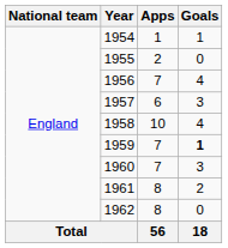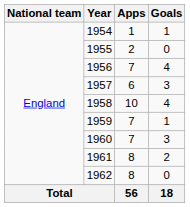 <table class="wikitable" style="text-align:center">
 <tr>
 <th>National team</th>
 <th>Year</th>
 <th>Apps</th>
 <th>Goals</th>
 </tr>
 <tr>
 <td rowspan="9"><a href='#'>England</a></td>
 <td>1954</td>
 <td>1</td>
 <td>1</td>
 </tr>
 <tr>
 <td>1955</td>
 <td>2</td>
 <td>0</td>
 </tr>
 <tr>
 <td>1956</td>
 <td>7</td>
 <td>4</td>
 </tr>
 <tr>
 <td>1957</td>
 <td>6</td>
 <td>3</td>
 </tr>
 <tr>
 <td>1958</td>
 <td>10</td>
 <td>4</td>
 </tr>
 <tr>
 <td>1959</td>
 <td>7</td>
-<td><strong>1</strong></td>
+<td>1</td>
 </tr>
 <tr>
 <td>1960</td>
 <td>7</td>
 <td>3</td>
 </tr>
 <tr>
 <td>1961</td>
 <td>8</td>
 <td>2</td>
 </tr>
 <tr>
 <td>1962</td>
 <td>8</td>
 <td>0</td>
 </tr>
 <tr>
 <th colspan="2">Total</th>
 <th>56</th>
 <th>18</th>
 </tr>
 </table>
